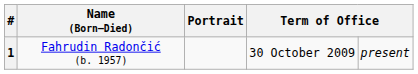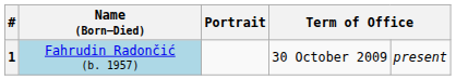 <table class="wikitable" style="text-align:center">
 <tr ->
 <th>#</th>
 <th width=180>Name<br><small>(Born–Died)</small></th>
 <th>Portrait</th>
 <th colspan=2>Term of Office</th>
 </tr>
 <tr ->
 <th align=center style="background: ">1</th>
-<td><a href='#'>Fahrudin Radončić</a><br><small>(b. 1957)</small></td>
+<td style="background: lightblue;"><a href='#'>Fahrudin Radončić</a><br><small>(b. 1957)</small></td>
 <td></td>
 <td>30 October 2009</td>
 <td><em>present</em></td>
 </tr>
 </table>
